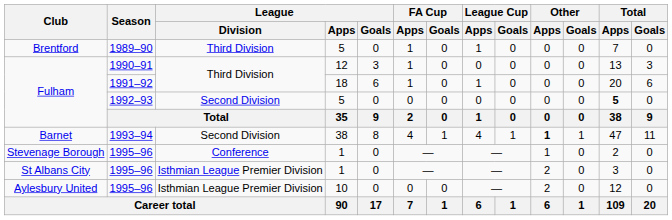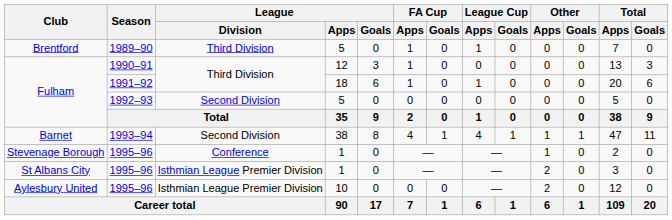 <table class="wikitable" style="text-align: center;">
 <tr>
 <th rowspan="2">Club</th>
 <th rowspan="2">Season</th>
 <th colspan="3">League</th>
 <th colspan="2">FA Cup</th>
 <th colspan="2">League Cup</th>
 <th colspan="2">Other</th>
 <th colspan="2">Total</th>
 </tr>
 <tr>
 <th>Division</th>
 <th>Apps</th>
 <th>Goals</th>
 <th>Apps</th>
 <th>Goals</th>
 <th>Apps</th>
 <th>Goals</th>
 <th>Apps</th>
 <th>Goals</th>
 <th>Apps</th>
 <th>Goals</th>
 </tr>
 <tr>
 <td><a href='#'>Brentford</a></td>
 <td><a href='#'>1989–90</a></td>
 <td><a href='#'>Third Division</a></td>
 <td>5</td>
 <td>0</td>
 <td>1</td>
 <td>0</td>
 <td>1</td>
 <td>0</td>
 <td>0</td>
 <td>0</td>
 <td>7</td>
 <td>0</td>
 </tr>
 <tr>
 <td rowspan="4"><a href='#'>Fulham</a></td>
 <td><a href='#'>1990–91</a></td>
 <td rowspan="2">Third Division</td>
 <td>12</td>
 <td>3</td>
 <td>1</td>
 <td>0</td>
 <td>0</td>
 <td>0</td>
 <td>0</td>
 <td>0</td>
 <td>13</td>
 <td>3</td>
 </tr>
 <tr>
 <td><a href='#'>1991–92</a></td>
 <td>18</td>
 <td>6</td>
 <td>1</td>
 <td>0</td>
 <td>1</td>
 <td>0</td>
 <td>0</td>
 <td>0</td>
 <td>20</td>
 <td>6</td>
 </tr>
 <tr>
 <td><a href='#'>1992–93</a></td>
 <td><a href='#'>Second Division</a></td>
 <td>5</td>
 <td>0</td>
 <td>0</td>
 <td>0</td>
 <td>0</td>
 <td>0</td>
 <td>0</td>
 <td>0</td>
-<td><strong>5</strong></td>
+<td>5</td>
 <td>0</td>
 </tr>
 <tr>
 <th colspan="2">Total</th>
 <th>35</th>
 <th>9</th>
 <th>2</th>
 <th>0</th>
 <th>1</th>
 <th>0</th>
 <th>0</th>
 <th>0</th>
 <th>38</th>
 <th>9</th>
 </tr>
 <tr>
 <td><a href='#'>Barnet</a></td>
 <td><a href='#'>1993–94</a></td>
 <td>Second Division</td>
 <td>38</td>
 <td>8</td>
 <td>4</td>
 <td>1</td>
 <td>4</td>
 <td>1</td>
-<td><strong>1</strong></td>
+<td>1</td>
 <td>1</td>
 <td>47</td>
 <td>11</td>
 </tr>
 <tr>
 <td><a href='#'>Stevenage Borough</a></td>
 <td><a href='#'>1995–96</a></td>
 <td><a href='#'>Conference</a></td>
 <td>1</td>
 <td>0</td>
 <td colspan="2">—</td>
 <td colspan="2">—</td>
 <td>1</td>
 <td>0</td>
 <td>2</td>
 <td>0</td>
 </tr>
 <tr>
 <td><a href='#'>St Albans City</a></td>
 <td><a href='#'>1995–96</a></td>
 <td><a href='#'>Isthmian League</a> Premier Division</td>
 <td>1</td>
 <td>0</td>
 <td colspan="2">—</td>
 <td colspan="2">—</td>
 <td>2</td>
 <td>0</td>
 <td>3</td>
 <td>0</td>
 </tr>
 <tr>
 <td><a href='#'>Aylesbury United</a></td>
 <td><a href='#'>1995–96</a></td>
 <td>Isthmian League Premier Division</td>
 <td>10</td>
 <td>0</td>
 <td>0</td>
 <td>0</td>
 <td colspan="2">—</td>
 <td>2</td>
 <td>0</td>
 <td>12</td>
 <td>0</td>
 </tr>
 <tr>
 <th colspan="3">Career total</th>
 <th>90</th>
 <th>17</th>
 <th>7</th>
 <th>1</th>
 <th>6</th>
 <th>1</th>
 <th>6</th>
 <th>1</th>
 <th>109</th>
 <th>20</th>
 </tr>
 </table>
